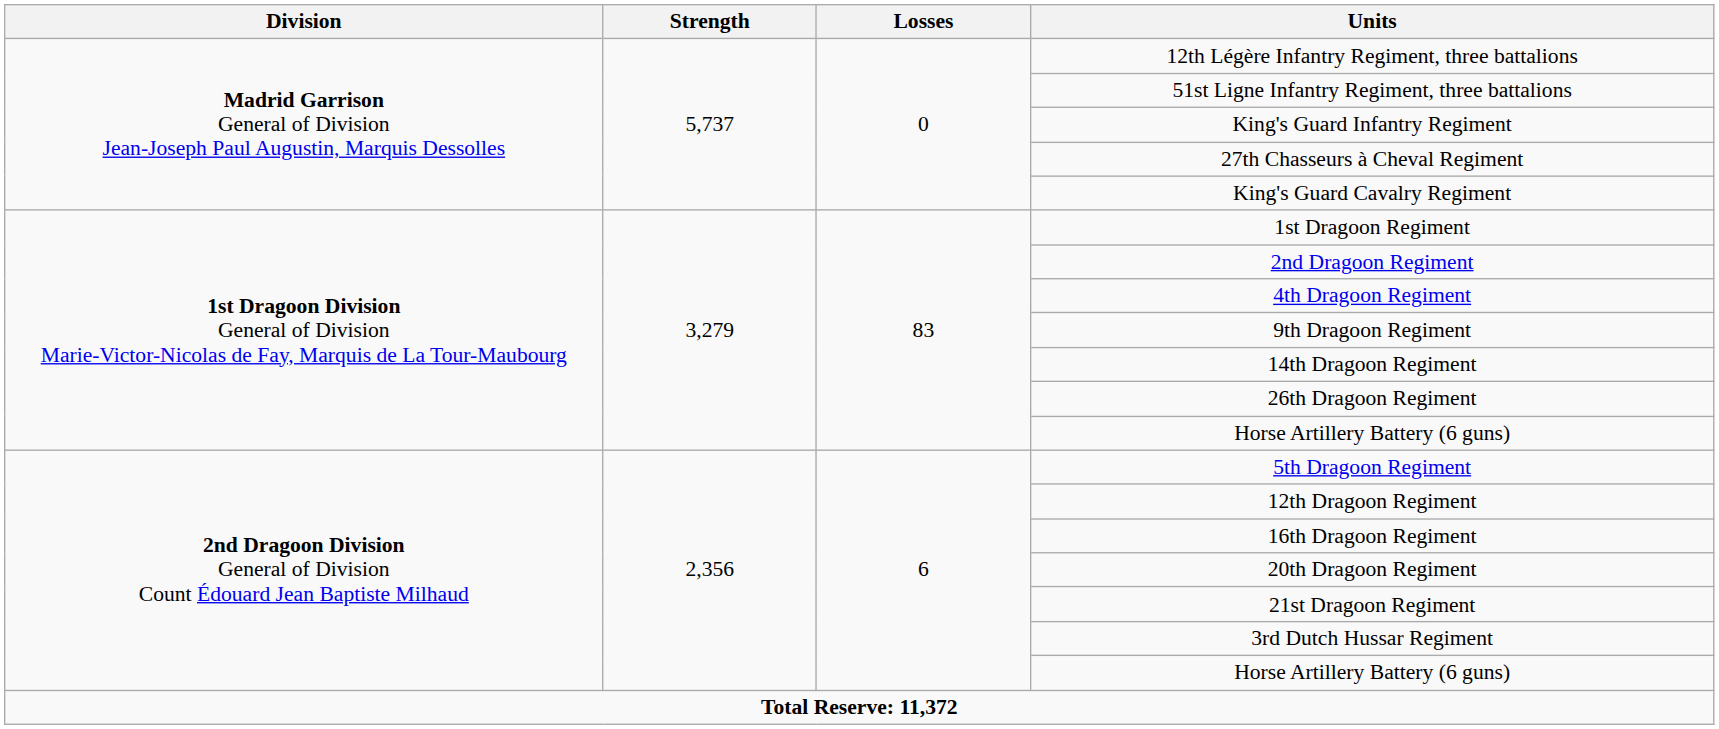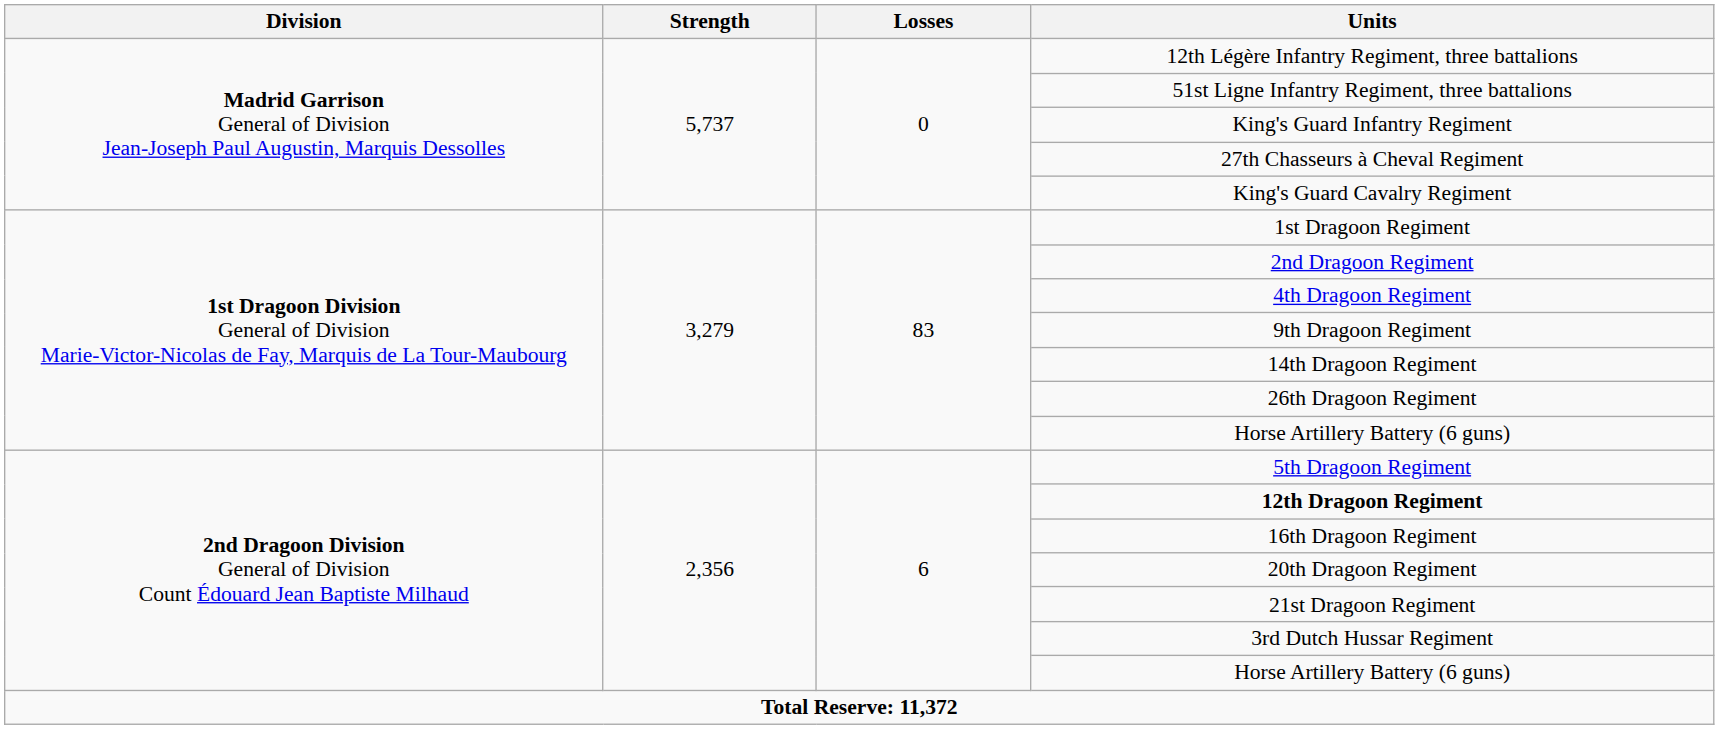 <table class="wikitable" width="80%" style="text-align:center;">
 <tr>
 <th style="width:35%;">Division</th>
 <th style="width:12.5%;">Strength</th>
 <th style="width:12.5%;">Losses</th>
 <th style="width:40%;">Units</th>
 </tr>
 <tr>
 <td ROWSPAN=5><strong>Madrid Garrison</strong><br>General of Division<br> <a href='#'>Jean-Joseph Paul Augustin, Marquis Dessolles</a></td>
 <td ROWSPAN=5>5,737</td>
 <td ROWSPAN=5>0</td>
 <td>12th Légère Infantry Regiment, three battalions</td>
 </tr>
 <tr>
 <td>51st Ligne Infantry Regiment, three battalions</td>
 </tr>
 <tr>
 <td>King's Guard Infantry Regiment</td>
 </tr>
 <tr>
 <td>27th Chasseurs à Cheval Regiment</td>
 </tr>
 <tr>
 <td>King's Guard Cavalry Regiment</td>
 </tr>
 <tr>
 <td ROWSPAN=7><strong>1st Dragoon Division</strong><br>General of Division<br><a href='#'>Marie-Victor-Nicolas de Fay, Marquis de La Tour-Maubourg</a></td>
 <td ROWSPAN=7>3,279</td>
 <td ROWSPAN=7>83</td>
 <td>1st Dragoon Regiment</td>
 </tr>
 <tr>
 <td><a href='#'>2nd Dragoon Regiment</a></td>
 </tr>
 <tr>
 <td><a href='#'>4th Dragoon Regiment</a></td>
 </tr>
 <tr>
 <td>9th Dragoon Regiment</td>
 </tr>
 <tr>
 <td>14th Dragoon Regiment</td>
 </tr>
 <tr>
 <td>26th Dragoon Regiment</td>
 </tr>
 <tr>
 <td>Horse Artillery Battery (6 guns)</td>
 </tr>
 <tr>
 <td ROWSPAN=7><strong>2nd Dragoon Division</strong><br>General of Division<br>Count <a href='#'>Édouard Jean Baptiste Milhaud</a></td>
 <td ROWSPAN=7>2,356</td>
 <td ROWSPAN=7>6</td>
 <td><a href='#'>5th Dragoon Regiment</a></td>
 </tr>
 <tr>
-<td>12th Dragoon Regiment</td>
+<td><strong>12th Dragoon Regiment</strong></td>
 </tr>
 <tr>
 <td>16th Dragoon Regiment</td>
 </tr>
 <tr>
 <td>20th Dragoon Regiment</td>
 </tr>
 <tr>
 <td>21st Dragoon Regiment</td>
 </tr>
 <tr>
 <td>3rd Dutch Hussar Regiment</td>
 </tr>
 <tr>
 <td>Horse Artillery Battery (6 guns)</td>
 </tr>
 <tr>
 <td colspan=4><strong>Total Reserve: 11,372</strong></td>
 </tr>
 </table>
